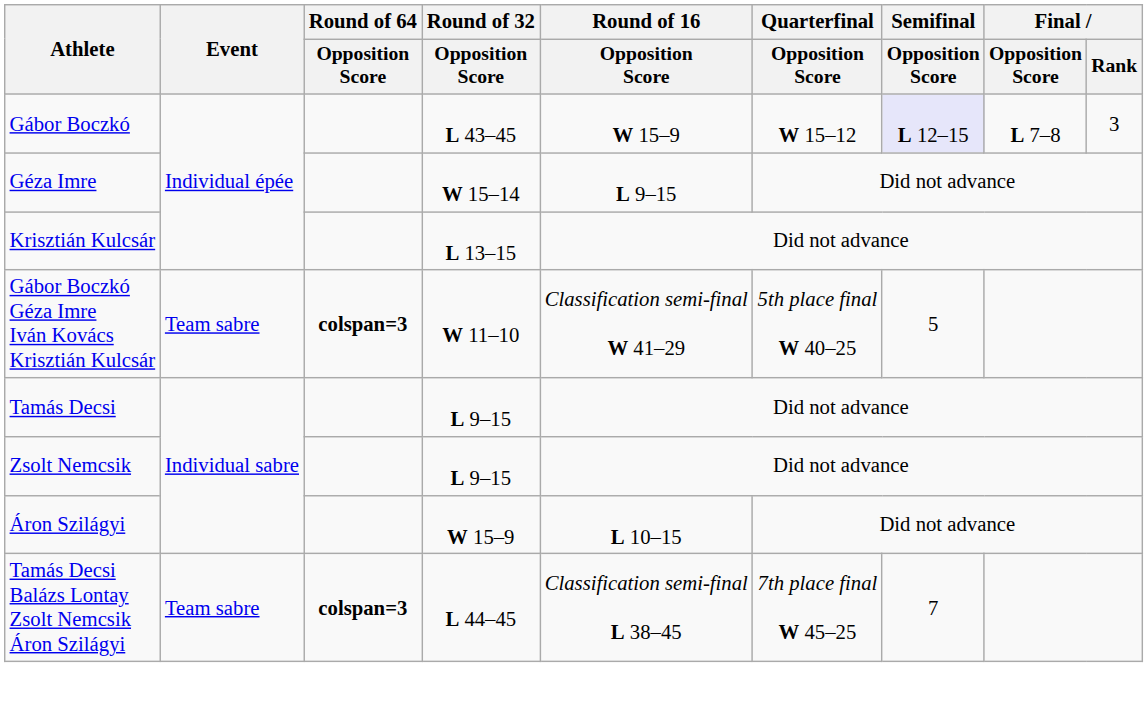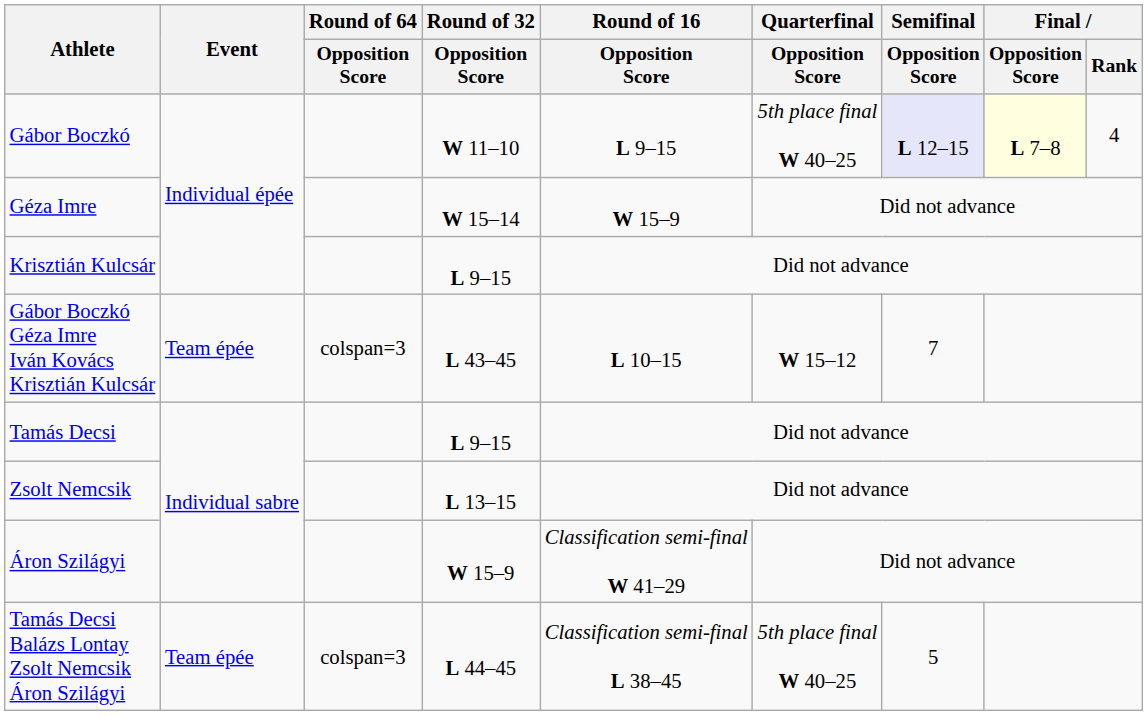 <table class="wikitable" style="font-size:90%">
 <tr>
 <th rowspan="2">Athlete</th>
 <th rowspan="2">Event</th>
 <th>Round of 64</th>
 <th>Round of 32</th>
 <th>Round of 16</th>
 <th>Quarterfinal</th>
 <th>Semifinal</th>
 <th colspan=2>Final / </th>
 </tr>
 <tr style="font-size:95%">
 <th>Opposition <br> Score</th>
 <th>Opposition <br> Score</th>
 <th>Opposition <br> Score</th>
 <th>Opposition <br> Score</th>
 <th>Opposition <br> Score</th>
 <th>Opposition <br> Score</th>
 <th>Rank</th>
 </tr>
 <tr align=center>
 <td align=left><a href='#'>Gábor Boczkó</a></td>
 <td align=left rowspan=3><a href='#'>Individual épée</a></td>
 <td></td>
-<td> <br><strong>L</strong> 43–45</td>
-<td><br><strong>W</strong> 15–9</td>
-<td><br><strong>W</strong> 15–12</td>
+<td><br><strong>W</strong> 11–10</td>
+<td><br><strong>L</strong> 9–15</td>
+<td><em>5th place final</em><br> <br><strong>W</strong> 40–25</td>
 <td style="background: lavender;"><br><strong>L</strong> 12–15</td>
-<td><br><strong>L</strong> 7–8</td>
-<td>3</td>
+<td style="background: lightyellow;"><br><strong>L</strong> 7–8</td>
+<td>4</td>
 </tr>
 <tr align=center>
 <td align=left><a href='#'>Géza Imre</a></td>
 <td></td>
 <td><br><strong>W</strong> 15–14</td>
-<td><br><strong>L</strong> 9–15</td>
+<td><br><strong>W</strong> 15–9</td>
 <td colspan=4>Did not advance</td>
 </tr>
 <tr align=center>
 <td align=left><a href='#'>Krisztián Kulcsár</a></td>
 <td></td>
-<td><br><strong>L</strong> 13–15</td>
+<td><br><strong>L</strong> 9–15</td>
 <td colspan=5>Did not advance</td>
 </tr>
 <tr align=center>
 <td align=left><a href='#'>Gábor Boczkó</a><br><a href='#'>Géza Imre</a><br><a href='#'>Iván Kovács</a><br><a href='#'>Krisztián Kulcsár</a></td>
-<td align=left><a href='#'>Team sabre</a></td>
-<td><strong>colspan=3 </strong></td>
-<td><br><strong>W</strong> 11–10</td>
-<td><em>Classification semi-final</em><br> <br><strong>W</strong> 41–29</td>
-<td><em>5th place final</em><br> <br><strong>W</strong> 40–25</td>
-<td>5</td>
+<td align=left><a href='#'>Team épée</a></td>
+<td>colspan=3 </td>
+<td> <br><strong>L</strong> 43–45</td>
+<td><br><strong>L</strong> 10–15</td>
+<td><br><strong>W</strong> 15–12</td>
+<td>7</td>
 </tr>
 <tr align=center>
 <td align=left><a href='#'>Tamás Decsi</a></td>
 <td align=left rowspan=3><a href='#'>Individual sabre</a></td>
 <td></td>
 <td><br><strong>L</strong> 9–15</td>
 <td colspan=5>Did not advance</td>
 </tr>
 <tr align=center>
 <td align=left><a href='#'>Zsolt Nemcsik</a></td>
 <td></td>
-<td><br><strong>L</strong> 9–15</td>
+<td><br><strong>L</strong> 13–15</td>
 <td colspan=5>Did not advance</td>
 </tr>
 <tr align=center>
 <td align=left><a href='#'>Áron Szilágyi</a></td>
 <td></td>
 <td><br><strong>W</strong> 15–9</td>
-<td><br><strong>L</strong> 10–15</td>
+<td><em>Classification semi-final</em><br> <br><strong>W</strong> 41–29</td>
 <td colspan=4>Did not advance</td>
 </tr>
 <tr align=center>
 <td align=left><a href='#'>Tamás Decsi</a><br><a href='#'>Balázs Lontay</a><br><a href='#'>Zsolt Nemcsik</a><br><a href='#'>Áron Szilágyi</a></td>
-<td align=left><a href='#'>Team sabre</a></td>
-<td><strong>colspan=3 </strong></td>
+<td align=left><a href='#'>Team épée</a></td>
+<td>colspan=3 </td>
 <td><br><strong>L</strong> 44–45</td>
 <td><em>Classification semi-final</em><br><br><strong>L</strong> 38–45</td>
-<td><em>7th place final</em><br><br><strong>W</strong> 45–25</td>
-<td>7</td>
+<td><em>5th place final</em><br> <br><strong>W</strong> 40–25</td>
+<td>5</td>
 </tr>
 </table>
